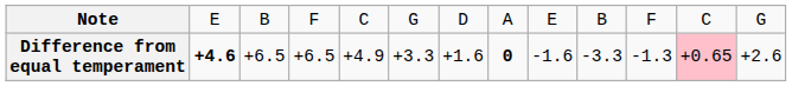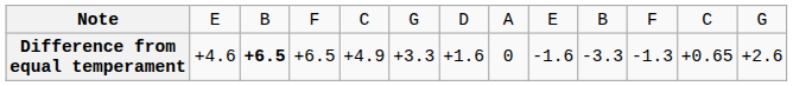 <table class="wikitable" style="margin:2.5em auto; text-align:center">
 <tr>
 <th>Note</th>
 <td>E</td>
 <td>B</td>
 <td>F</td>
 <td>C</td>
 <td>G</td>
 <td>D</td>
 <td> A </td>
 <td>E</td>
 <td>B</td>
 <td>F</td>
 <td>C</td>
 <td>G</td>
 </tr>
 <tr>
 <th>Difference from<br>equal temperament</th>
-<td><strong>+4.6</strong></td>
-<td>+6.5</td>
+<td>+4.6</td>
+<td><strong>+6.5</strong></td>
 <td>+6.5</td>
 <td>+4.9</td>
 <td>+3.3</td>
 <td>+1.6</td>
-<td><strong>0</strong></td>
+<td>0</td>
 <td>-1.6</td>
 <td>-3.3</td>
 <td>-1.3</td>
-<td style="background: pink;">+0.65</td>
+<td>+0.65</td>
 <td>+2.6</td>
 </tr>
 </table>
